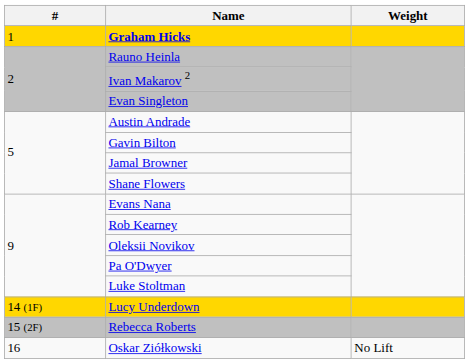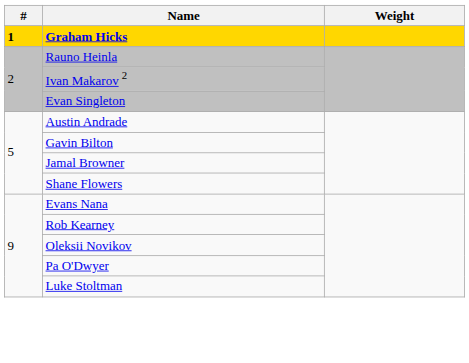 <table class="wikitable" style="display: inline-table;width: 45%;">
 <tr>
 <th>#</th>
 <th>Name</th>
 <th>Weight</th>
 </tr>
 <tr style="background:gold;">
-<td>1</td>
+<td><strong>1</strong></td>
 <td> <strong><a href='#'>Graham Hicks</a></strong></td>
 <td></td>
 </tr>
 <tr style="background:silver;">
 <td rowspan="3">2</td>
 <td> <a href='#'>Rauno Heinla</a></td>
 <td rowspan="3"></td>
 </tr>
 <tr style="background:silver;">
 <td> <a href='#'>Ivan Makarov</a> <sup> 2 </sup></td>
 </tr>
 <tr style="background:silver;">
 <td> <a href='#'>Evan Singleton</a></td>
 </tr>
 <tr>
 <td rowspan="4">5</td>
 <td> <a href='#'>Austin Andrade</a></td>
 <td rowspan="4"></td>
 </tr>
 <tr>
 <td> <a href='#'>Gavin Bilton</a></td>
 </tr>
 <tr>
 <td> <a href='#'>Jamal Browner</a></td>
 </tr>
 <tr>
 <td> <a href='#'>Shane Flowers</a></td>
 </tr>
 <tr>
 <td rowspan="5">9</td>
 <td> <a href='#'>Evans Nana</a></td>
 <td rowspan="5"></td>
 </tr>
 <tr>
 <td> <a href='#'>Rob Kearney</a></td>
 </tr>
 <tr>
 <td> <a href='#'>Oleksii Novikov</a></td>
 </tr>
 <tr>
 <td> <a href='#'>Pa O'Dwyer</a></td>
 </tr>
 <tr>
 <td> <a href='#'>Luke Stoltman</a></td>
 </tr>
-<tr style="background:gold;">
-<td>14 <small> (1F) </small></td>
-<td> <a href='#'>Lucy Underdown</a></td>
-<td></td>
-</tr>
-<tr style="background:silver;">
-<td>15 <small> (2F) </small></td>
-<td> <a href='#'>Rebecca Roberts</a></td>
-<td></td>
-</tr>
-<tr>
-<td>16</td>
-<td> <a href='#'>Oskar Ziółkowski</a></td>
-<td>No Lift</td>
-</tr>
 </table>
